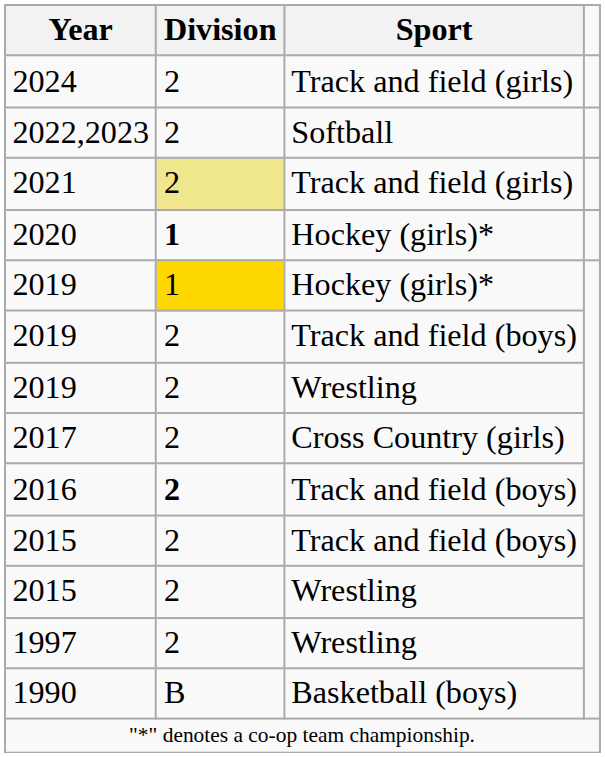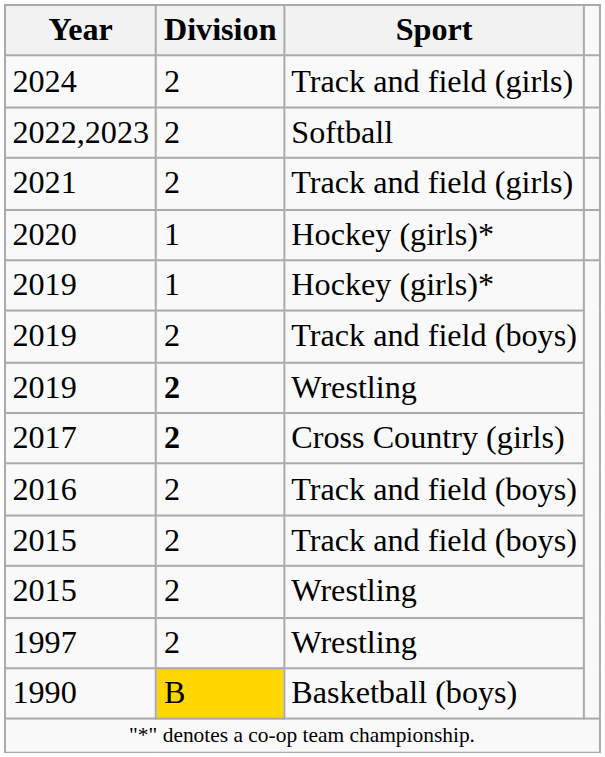 <table class="wikitable">
 <tr>
 <th>Year</th>
 <th>Division</th>
 <th>Sport</th>
 </tr>
 <tr>
 <td>2024</td>
 <td>2</td>
 <td>Track and field (girls)</td>
 <td></td>
 </tr>
 <tr>
 <td>2022,2023</td>
 <td>2</td>
 <td>Softball</td>
 <td></td>
 </tr>
 <tr>
 <td>2021</td>
-<td style="background: khaki;">2</td>
+<td>2</td>
 <td>Track and field (girls)</td>
 <td></td>
 </tr>
 <tr>
 <td>2020</td>
-<td><strong>1</strong></td>
+<td>1</td>
 <td>Hockey (girls)*</td>
 <td></td>
 </tr>
 <tr>
 <td>2019</td>
-<td style="background: gold;">1</td>
+<td>1</td>
 <td>Hockey (girls)*</td>
 </tr>
 <tr>
 <td>2019</td>
 <td>2</td>
 <td>Track and field (boys)</td>
 </tr>
 <tr>
 <td>2019</td>
-<td>2</td>
+<td><strong>2</strong></td>
 <td>Wrestling</td>
 </tr>
 <tr>
 <td>2017</td>
-<td>2</td>
+<td><strong>2</strong></td>
 <td>Cross Country (girls)</td>
 </tr>
 <tr>
 <td>2016</td>
-<td><strong>2</strong></td>
+<td>2</td>
 <td>Track and field (boys)</td>
 </tr>
 <tr>
 <td>2015</td>
 <td>2</td>
 <td>Track and field (boys)</td>
 </tr>
 <tr>
 <td>2015</td>
 <td>2</td>
 <td>Wrestling</td>
 </tr>
 <tr>
 <td>1997</td>
 <td>2</td>
 <td>Wrestling</td>
 </tr>
 <tr>
 <td>1990</td>
-<td>B</td>
+<td style="background: gold;">B</td>
 <td>Basketball (boys)</td>
 </tr>
 <tr>
 <td colspan="26" align="center" style="font-size: 8pt">"*" denotes a co-op team championship.</td>
 </tr>
 </table>
